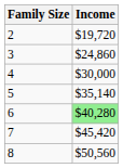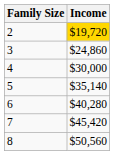 <table class="wikitable">
 <tr>
 <th>Family Size</th>
 <th>Income</th>
 </tr>
 <tr>
 <td>2</td>
-<td>$19,720</td>
+<td style="background: gold;">$19,720</td>
 </tr>
 <tr>
 <td>3</td>
 <td>$24,860</td>
 </tr>
 <tr>
 <td>4</td>
 <td>$30,000</td>
 </tr>
 <tr>
 <td>5</td>
 <td>$35,140</td>
 </tr>
 <tr>
 <td>6</td>
-<td style="background: lightgreen;">$40,280</td>
+<td>$40,280</td>
 </tr>
 <tr>
 <td>7</td>
 <td>$45,420</td>
 </tr>
 <tr>
 <td>8</td>
 <td>$50,560</td>
 </tr>
 </table>
